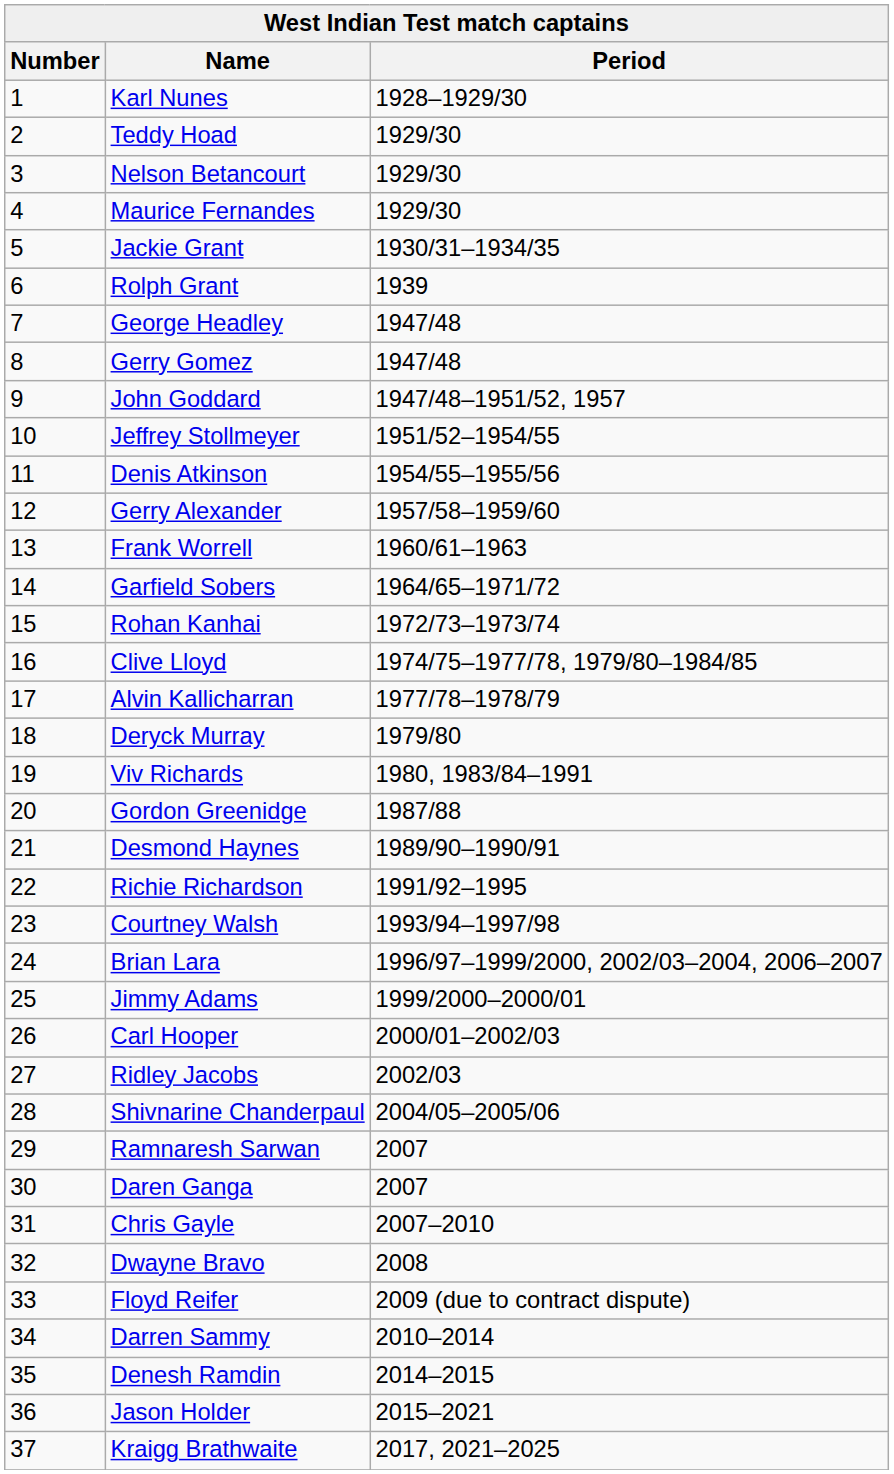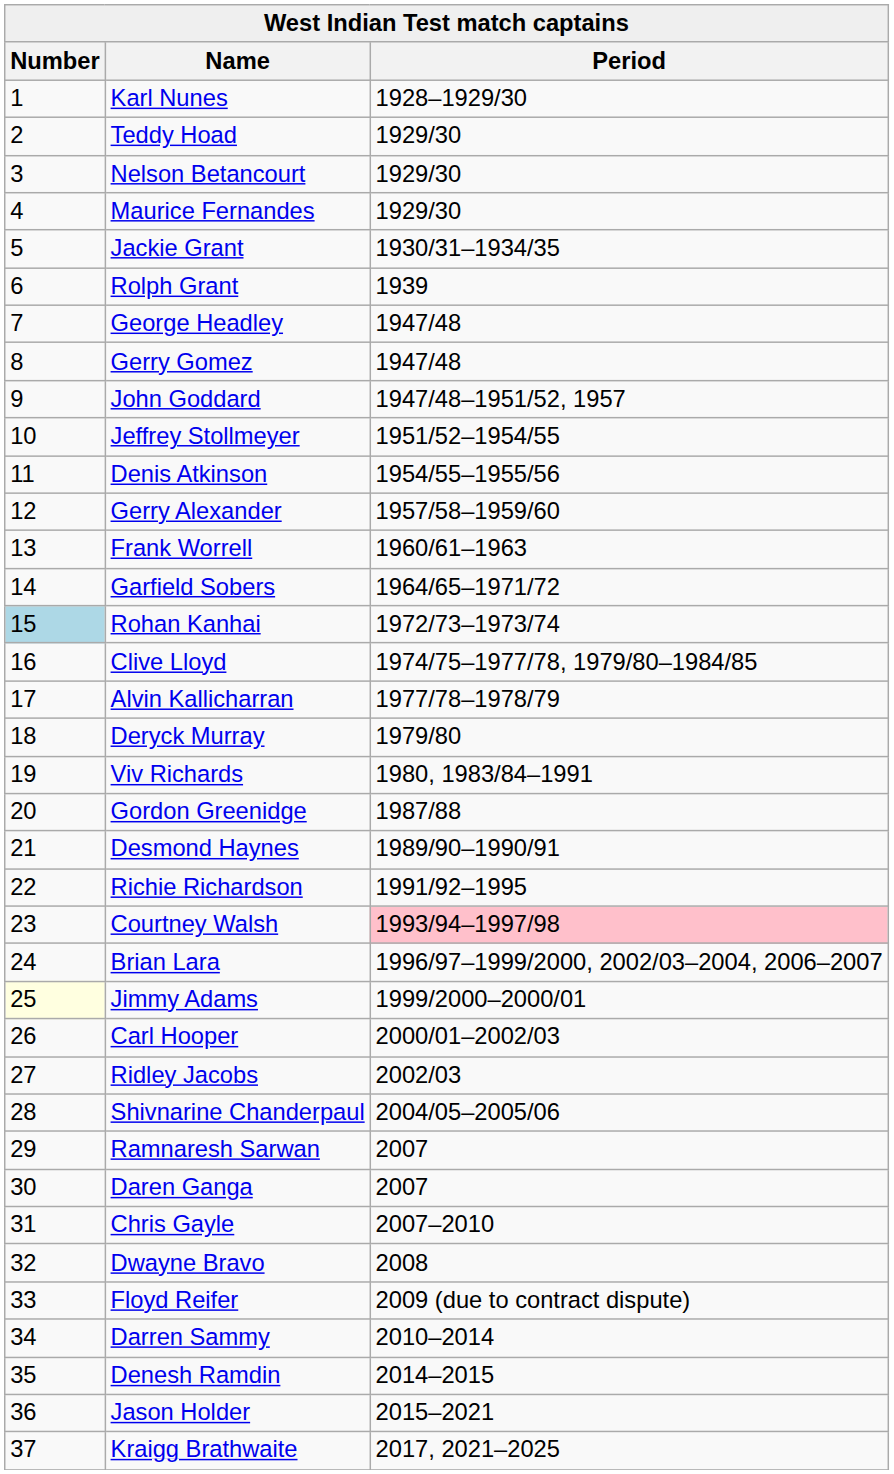 <table class="wikitable">
 <tr>
 <th style="background:#efefef;" colspan="3">West Indian Test match captains</th>
 </tr>
 <tr style="background:#efefef;">
 <th>Number</th>
 <th>Name</th>
 <th>Period</th>
 </tr>
 <tr>
 <td>1</td>
 <td><a href='#'>Karl Nunes</a></td>
 <td>1928–1929/30</td>
 </tr>
 <tr>
 <td>2</td>
 <td><a href='#'>Teddy Hoad</a></td>
 <td>1929/30</td>
 </tr>
 <tr>
 <td>3</td>
 <td><a href='#'>Nelson Betancourt</a></td>
 <td>1929/30</td>
 </tr>
 <tr>
 <td>4</td>
 <td><a href='#'>Maurice Fernandes</a></td>
 <td>1929/30</td>
 </tr>
 <tr>
 <td>5</td>
 <td><a href='#'>Jackie Grant</a></td>
 <td>1930/31–1934/35</td>
 </tr>
 <tr>
 <td>6</td>
 <td><a href='#'>Rolph Grant</a></td>
 <td>1939</td>
 </tr>
 <tr>
 <td>7</td>
 <td><a href='#'>George Headley</a></td>
 <td>1947/48</td>
 </tr>
 <tr>
 <td>8</td>
 <td><a href='#'>Gerry Gomez</a></td>
 <td>1947/48</td>
 </tr>
 <tr>
 <td>9</td>
 <td><a href='#'>John Goddard</a></td>
 <td>1947/48–1951/52, 1957</td>
 </tr>
 <tr>
 <td>10</td>
 <td><a href='#'>Jeffrey Stollmeyer</a></td>
 <td>1951/52–1954/55</td>
 </tr>
 <tr>
 <td>11</td>
 <td><a href='#'>Denis Atkinson</a></td>
 <td>1954/55–1955/56</td>
 </tr>
 <tr>
 <td>12</td>
 <td><a href='#'>Gerry Alexander</a></td>
 <td>1957/58–1959/60</td>
 </tr>
 <tr>
 <td>13</td>
 <td><a href='#'>Frank Worrell</a></td>
 <td>1960/61–1963</td>
 </tr>
 <tr>
 <td>14</td>
 <td><a href='#'>Garfield Sobers</a></td>
 <td>1964/65–1971/72</td>
 </tr>
 <tr>
-<td>15</td>
+<td style="background: lightblue;">15</td>
 <td><a href='#'>Rohan Kanhai</a></td>
 <td>1972/73–1973/74</td>
 </tr>
 <tr>
 <td>16</td>
 <td><a href='#'>Clive Lloyd</a></td>
 <td>1974/75–1977/78, 1979/80–1984/85</td>
 </tr>
 <tr>
 <td>17</td>
 <td><a href='#'>Alvin Kallicharran</a></td>
 <td>1977/78–1978/79</td>
 </tr>
 <tr>
 <td>18</td>
 <td><a href='#'>Deryck Murray</a></td>
 <td>1979/80</td>
 </tr>
 <tr>
 <td>19</td>
 <td><a href='#'>Viv Richards</a></td>
 <td>1980, 1983/84–1991</td>
 </tr>
 <tr>
 <td>20</td>
 <td><a href='#'>Gordon Greenidge</a></td>
 <td>1987/88</td>
 </tr>
 <tr>
 <td>21</td>
 <td><a href='#'>Desmond Haynes</a></td>
 <td>1989/90–1990/91</td>
 </tr>
 <tr>
 <td>22</td>
 <td><a href='#'>Richie Richardson</a></td>
 <td>1991/92–1995</td>
 </tr>
 <tr>
 <td>23</td>
 <td><a href='#'>Courtney Walsh</a></td>
-<td>1993/94–1997/98</td>
+<td style="background: pink;">1993/94–1997/98</td>
 </tr>
 <tr>
 <td>24</td>
 <td><a href='#'>Brian Lara</a></td>
 <td>1996/97–1999/2000, 2002/03–2004, 2006–2007</td>
 </tr>
 <tr>
-<td>25</td>
+<td style="background: lightyellow;">25</td>
 <td><a href='#'>Jimmy Adams</a></td>
 <td>1999/2000–2000/01</td>
 </tr>
 <tr>
 <td>26</td>
 <td><a href='#'>Carl Hooper</a></td>
 <td>2000/01–2002/03</td>
 </tr>
 <tr>
 <td>27</td>
 <td><a href='#'>Ridley Jacobs</a></td>
 <td>2002/03</td>
 </tr>
 <tr>
 <td>28</td>
 <td><a href='#'>Shivnarine Chanderpaul</a></td>
 <td>2004/05–2005/06</td>
 </tr>
 <tr>
 <td>29</td>
 <td><a href='#'>Ramnaresh Sarwan</a></td>
 <td>2007</td>
 </tr>
 <tr>
 <td>30</td>
 <td><a href='#'>Daren Ganga</a></td>
 <td>2007</td>
 </tr>
 <tr>
 <td>31</td>
 <td><a href='#'>Chris Gayle</a></td>
 <td>2007–2010</td>
 </tr>
 <tr>
 <td>32</td>
 <td><a href='#'>Dwayne Bravo</a></td>
 <td>2008</td>
 </tr>
 <tr>
 <td>33</td>
 <td><a href='#'>Floyd Reifer</a></td>
 <td>2009 (due to contract dispute)</td>
 </tr>
 <tr>
 <td>34</td>
 <td><a href='#'>Darren Sammy</a></td>
 <td>2010–2014</td>
 </tr>
 <tr>
 <td>35</td>
 <td><a href='#'>Denesh Ramdin</a></td>
 <td>2014–2015</td>
 </tr>
 <tr>
 <td>36</td>
 <td><a href='#'>Jason Holder</a></td>
 <td>2015–2021</td>
 </tr>
 <tr>
 <td>37</td>
 <td><a href='#'>Kraigg Brathwaite</a></td>
 <td>2017, 2021–2025</td>
 </tr>
 </table>
